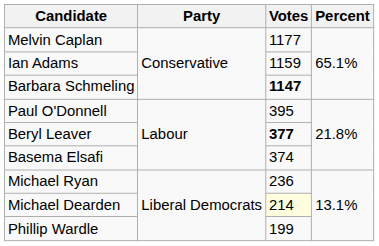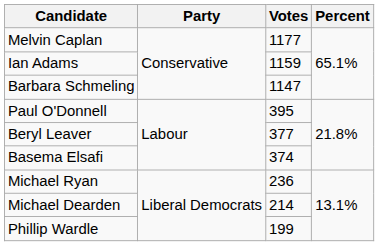 <table class="wikitable">
 <tr>
 <th>Candidate</th>
 <th>Party</th>
 <th>Votes</th>
 <th>Percent</th>
 </tr>
 <tr>
 <td>Melvin Caplan</td>
 <td rowspan="3">Conservative</td>
 <td>1177</td>
 <td rowspan="3">65.1%</td>
 </tr>
 <tr>
 <td>Ian Adams</td>
 <td>1159</td>
 </tr>
 <tr>
 <td>Barbara Schmeling</td>
-<td><strong>1147</strong></td>
+<td>1147</td>
 </tr>
 <tr>
 <td>Paul O'Donnell</td>
 <td rowspan="3">Labour</td>
 <td>395</td>
 <td rowspan="3">21.8%</td>
 </tr>
 <tr>
 <td>Beryl Leaver</td>
-<td><strong>377</strong></td>
+<td>377</td>
 </tr>
 <tr>
 <td>Basema Elsafi</td>
 <td>374</td>
 </tr>
 <tr>
 <td>Michael Ryan</td>
 <td rowspan="3">Liberal Democrats</td>
 <td>236</td>
 <td rowspan="3">13.1%</td>
 </tr>
 <tr>
 <td>Michael Dearden</td>
-<td style="background: lightyellow;">214</td>
+<td>214</td>
 </tr>
 <tr>
 <td>Phillip Wardle</td>
 <td>199</td>
 </tr>
 </table>
